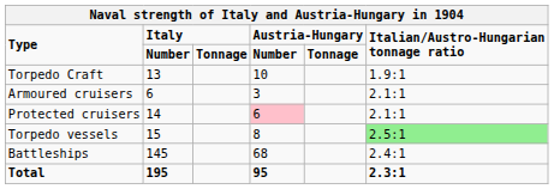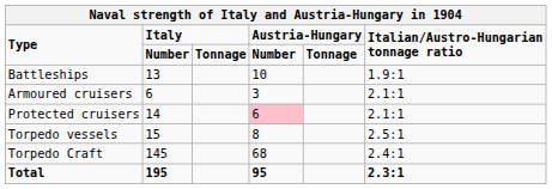 <table class="wikitable">
 <tr>
 <th colspan="6">Naval strength of Italy and Austria-Hungary in 1904</th>
 </tr>
 <tr>
 <td rowspan="2"><strong>Type</strong></td>
 <td colspan="2"><strong>Italy</strong></td>
 <td colspan="2"><strong>Austria-Hungary</strong></td>
 <td rowspan="2"><strong>Italian/Austro-Hungarian</strong><br><strong>tonnage ratio</strong></td>
 </tr>
 <tr>
 <td><strong>Number</strong></td>
 <td><strong>Tonnage</strong></td>
 <td><strong>Number</strong></td>
 <td><strong>Tonnage</strong></td>
 </tr>
 <tr>
-<td>Torpedo Craft</td>
+<td>Battleships</td>
 <td>13</td>
 <td></td>
 <td>10</td>
 <td></td>
 <td>1.9:1</td>
 </tr>
 <tr>
 <td>Armoured cruisers</td>
 <td>6</td>
 <td></td>
 <td>3</td>
 <td></td>
 <td>2.1:1</td>
 </tr>
 <tr>
 <td>Protected cruisers</td>
 <td>14</td>
 <td></td>
 <td style="background: pink;">6</td>
 <td></td>
 <td>2.1:1</td>
 </tr>
 <tr>
 <td>Torpedo vessels</td>
 <td>15</td>
 <td></td>
 <td>8</td>
 <td></td>
-<td style="background: lightgreen;">2.5:1</td>
+<td>2.5:1</td>
 </tr>
 <tr>
-<td>Battleships</td>
+<td>Torpedo Craft</td>
 <td>145</td>
 <td></td>
 <td>68</td>
 <td></td>
 <td>2.4:1</td>
 </tr>
 <tr>
 <td><strong>Total</strong></td>
 <td><strong>195</strong></td>
 <td><strong></strong></td>
 <td><strong>95</strong></td>
 <td><strong></strong></td>
 <td><strong>2.3:1</strong></td>
 </tr>
 </table>
